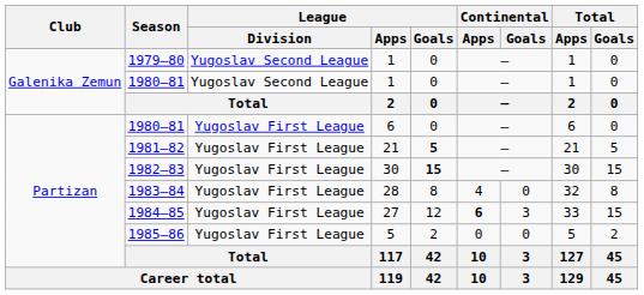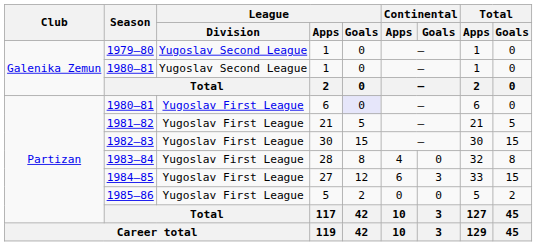 <table class="wikitable" style="text-align:center">
 <tr>
 <th rowspan="2">Club</th>
 <th rowspan="2">Season</th>
 <th colspan="3">League</th>
 <th colspan="2">Continental</th>
 <th colspan="2">Total</th>
 </tr>
 <tr>
 <th>Division</th>
 <th>Apps</th>
 <th>Goals</th>
 <th>Apps</th>
 <th>Goals</th>
 <th>Apps</th>
 <th>Goals</th>
 </tr>
 <tr>
 <td rowspan="3"><a href='#'>Galenika Zemun</a></td>
 <td><a href='#'>1979–80</a></td>
 <td><a href='#'>Yugoslav Second League</a></td>
 <td>1</td>
 <td>0</td>
 <td colspan="2">—</td>
 <td>1</td>
 <td>0</td>
 </tr>
 <tr>
 <td><a href='#'>1980–81</a></td>
 <td>Yugoslav Second League</td>
 <td>1</td>
 <td>0</td>
 <td colspan="2">—</td>
 <td>1</td>
 <td>0</td>
 </tr>
 <tr>
 <th colspan="2">Total</th>
 <th>2</th>
 <th>0</th>
 <th colspan="2">—</th>
 <th>2</th>
 <th>0</th>
 </tr>
 <tr>
 <td rowspan="7"><a href='#'>Partizan</a></td>
 <td><a href='#'>1980–81</a></td>
 <td><a href='#'>Yugoslav First League</a></td>
 <td>6</td>
-<td>0</td>
+<td style="background: lavender;">0</td>
 <td colspan="2">—</td>
 <td>6</td>
 <td>0</td>
 </tr>
 <tr>
 <td><a href='#'>1981–82</a></td>
 <td>Yugoslav First League</td>
 <td>21</td>
-<td><strong>5</strong></td>
+<td>5</td>
 <td colspan="2">—</td>
 <td>21</td>
 <td>5</td>
 </tr>
 <tr>
 <td><a href='#'>1982–83</a></td>
 <td>Yugoslav First League</td>
 <td>30</td>
-<td><strong>15</strong></td>
+<td>15</td>
 <td colspan="2">—</td>
 <td>30</td>
 <td>15</td>
 </tr>
 <tr>
 <td><a href='#'>1983–84</a></td>
 <td>Yugoslav First League</td>
 <td>28</td>
 <td>8</td>
 <td>4</td>
 <td>0</td>
 <td>32</td>
 <td>8</td>
 </tr>
 <tr>
 <td><a href='#'>1984–85</a></td>
 <td>Yugoslav First League</td>
 <td>27</td>
 <td>12</td>
-<td><strong>6</strong></td>
+<td>6</td>
 <td>3</td>
 <td>33</td>
 <td>15</td>
 </tr>
 <tr>
 <td><a href='#'>1985–86</a></td>
 <td>Yugoslav First League</td>
 <td>5</td>
 <td>2</td>
 <td>0</td>
 <td>0</td>
 <td>5</td>
 <td>2</td>
 </tr>
 <tr>
 <th colspan="2">Total</th>
 <th>117</th>
 <th>42</th>
 <th>10</th>
 <th>3</th>
 <th>127</th>
 <th>45</th>
 </tr>
 <tr>
 <th colspan="3">Career total</th>
 <th>119</th>
 <th>42</th>
 <th>10</th>
 <th>3</th>
 <th>129</th>
 <th>45</th>
 </tr>
 </table>
